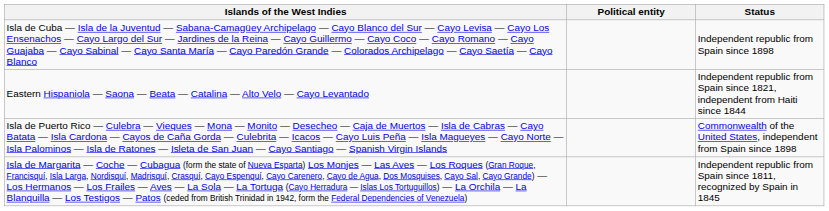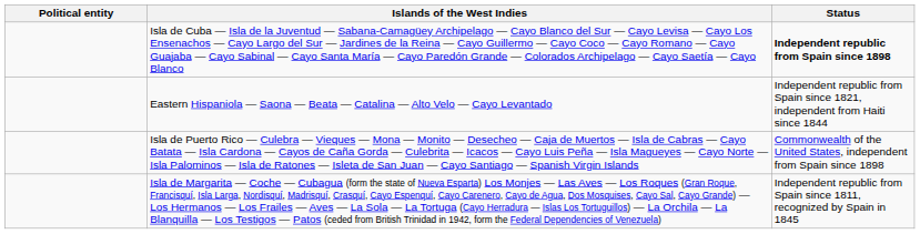 <table class="sortable wikitable">
 <tr>
+<th width=200 px>Political entity</th>
 <th width=900>Islands of the West Indies</th>
-<th width=200 px>Political entity</th>
 <th width=200>Status</th>
 </tr>
 <tr>
+<td></td>
 <td>Isla de Cuba — <a href='#'>Isla de la Juventud</a> — <a href='#'>Sabana-Camagüey Archipelago</a> — <a href='#'>Cayo Blanco del Sur</a> — <a href='#'>Cayo Levisa</a> — <a href='#'>Cayo Los Ensenachos</a> — <a href='#'>Cayo Largo del Sur</a> — <a href='#'>Jardines de la Reina</a> — <a href='#'>Cayo Guillermo</a> — <a href='#'>Cayo Coco</a> — <a href='#'>Cayo Romano</a> — <a href='#'>Cayo Guajaba</a> — <a href='#'>Cayo Sabinal</a> — <a href='#'>Cayo Santa María</a> — <a href='#'>Cayo Paredón Grande</a> — <a href='#'>Colorados Archipelago</a> — <a href='#'>Cayo Saetía</a> — <a href='#'>Cayo Blanco</a></td>
-<td></td>
-<td>Independent republic from Spain since 1898</td>
+<td><strong>Independent republic from Spain since 1898</strong></td>
 </tr>
 <tr>
+<td></td>
 <td>Eastern <a href='#'>Hispaniola</a> — <a href='#'>Saona</a> — <a href='#'>Beata</a> — <a href='#'>Catalina</a> — <a href='#'>Alto Velo</a> — <a href='#'>Cayo Levantado</a></td>
-<td></td>
 <td>Independent republic from Spain since 1821, independent from Haiti since 1844</td>
 </tr>
 <tr>
+<td></td>
 <td>Isla de Puerto Rico — <a href='#'>Culebra</a> — <a href='#'>Vieques</a> — <a href='#'>Mona</a> — <a href='#'>Monito</a> — <a href='#'>Desecheo</a> — <a href='#'>Caja de Muertos</a> — <a href='#'>Isla de Cabras</a> — <a href='#'>Cayo Batata</a> — <a href='#'>Isla Cardona</a> — <a href='#'>Cayos de Caña Gorda</a> — <a href='#'>Culebrita</a> — <a href='#'>Icacos</a> — <a href='#'>Cayo Luis Peña</a> — <a href='#'>Isla Magueyes</a> — <a href='#'>Cayo Norte</a> — <a href='#'>Isla Palominos</a> — <a href='#'>Isla de Ratones</a> — <a href='#'>Isleta de San Juan</a> — <a href='#'>Cayo Santiago</a> — <a href='#'>Spanish Virgin Islands</a></td>
-<td></td>
 <td><a href='#'>Commonwealth</a> of the <a href='#'>United States</a>, independent from Spain since 1898</td>
 </tr>
 <tr>
+<td></td>
 <td><a href='#'>Isla de Margarita</a> — <a href='#'>Coche</a> — <a href='#'>Cubagua</a> <small>(form the state of <a href='#'>Nueva Esparta</a>)</small> <a href='#'>Los Monjes</a> — <a href='#'>Las Aves</a> — <a href='#'>Los Roques</a> <small>(<a href='#'>Gran Roque</a>, <a href='#'>Francisquí</a>, <a href='#'>Isla Larga</a>, <a href='#'>Nordisquí</a>, <a href='#'>Madrisquí</a>, <a href='#'>Crasquí</a>, <a href='#'>Cayo Espenquí</a>, <a href='#'>Cayo Carenero</a>, <a href='#'>Cayo de Agua</a>, <a href='#'>Dos Mosquises</a>, <a href='#'>Cayo Sal</a>, <a href='#'>Cayo Grande</a>)</small> — <a href='#'>Los Hermanos</a> — <a href='#'>Los Frailes</a> — <a href='#'>Aves</a> — <a href='#'>La Sola</a> — <a href='#'>La Tortuga</a> <small>(<a href='#'>Cayo Herradura</a> — <a href='#'>Islas Los Tortuguillos</a>)</small> — <a href='#'>La Orchila</a> — <a href='#'>La Blanquilla</a> — <a href='#'>Los Testigos</a> — <a href='#'>Patos</a> <small>(ceded from British Trinidad in 1942, form the <a href='#'>Federal Dependencies of Venezuela</a>)</small></td>
-<td></td>
 <td>Independent republic from Spain since 1811, recognized by Spain in 1845</td>
 </tr>
 </table>
